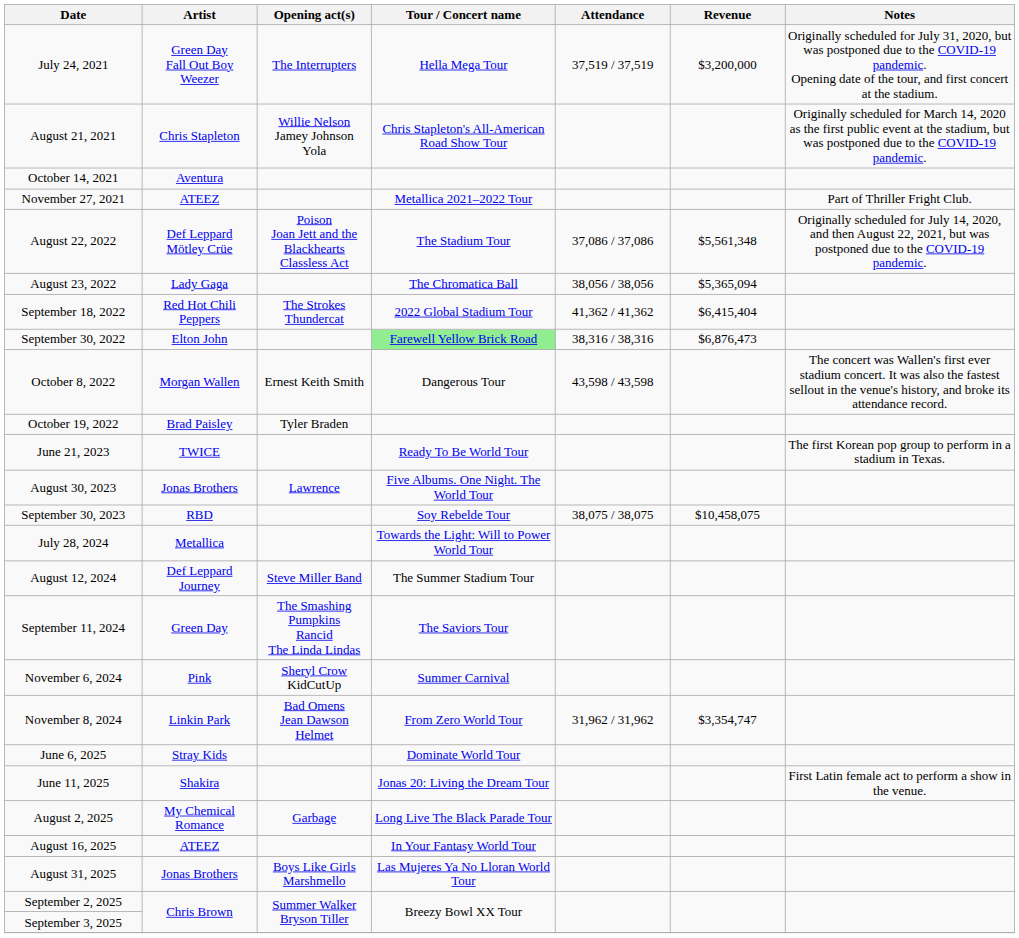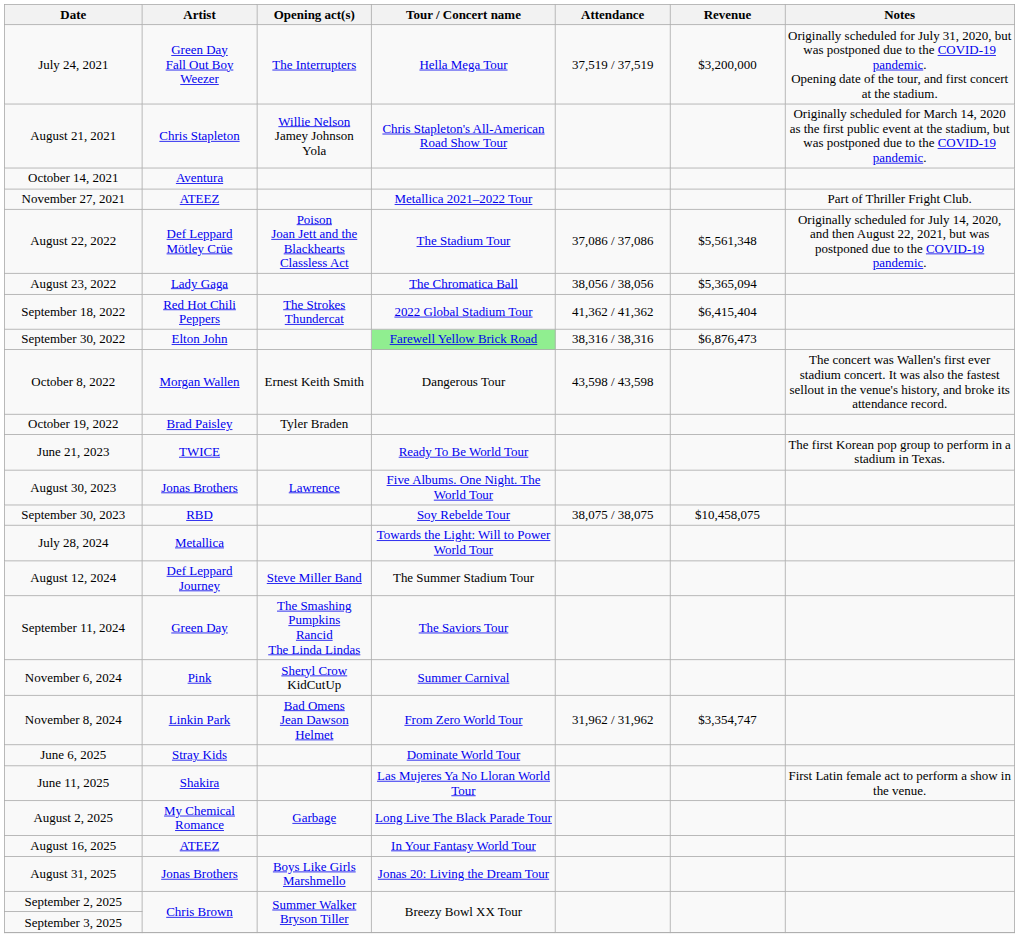 <table class="wikitable" style="text-align:center;">
 <tr>
 <th width=12% style="text-align:center;">Date</th>
 <th width=10% style="text-align:center;">Artist</th>
 <th width=10% style="text-align:center;">Opening act(s)</th>
 <th width=16% style="text-align:center;">Tour / Concert name</th>
 <th width=10% style="text-align:center;">Attendance</th>
 <th width=10% style="text-align:center;">Revenue</th>
 <th width=20% style="text-align:center;">Notes</th>
 </tr>
 <tr>
 <td>July 24, 2021</td>
 <td><a href='#'>Green Day</a><br><a href='#'>Fall Out Boy</a><br><a href='#'>Weezer</a></td>
 <td><a href='#'>The Interrupters</a></td>
 <td><a href='#'>Hella Mega Tour</a></td>
 <td>37,519 / 37,519</td>
 <td>$3,200,000</td>
 <td>Originally scheduled for July 31, 2020, but was postponed due to the <a href='#'>COVID-19 pandemic</a>.<br>Opening date of the tour, and first concert at the stadium.</td>
 </tr>
 <tr>
 <td>August 21, 2021</td>
 <td><a href='#'>Chris Stapleton</a></td>
 <td><a href='#'>Willie Nelson</a> <br> Jamey Johnson <br> Yola</td>
 <td><a href='#'>Chris Stapleton's All-American Road Show Tour</a></td>
 <td></td>
 <td></td>
 <td>Originally scheduled for March 14, 2020 as the first public event at the stadium, but was postponed due to the <a href='#'>COVID-19 pandemic</a>.</td>
 </tr>
 <tr>
 <td>October 14, 2021</td>
 <td><a href='#'>Aventura</a></td>
 <td></td>
 <td></td>
 <td></td>
 <td></td>
 <td></td>
 </tr>
 <tr>
 <td>November 27, 2021</td>
 <td><a href='#'>ATEEZ</a></td>
 <td></td>
 <td><a href='#'>Metallica 2021–2022 Tour</a></td>
 <td></td>
 <td></td>
 <td>Part of Thriller Fright Club.</td>
 </tr>
 <tr>
 <td>August 22, 2022</td>
 <td><a href='#'>Def Leppard</a><br><a href='#'>Mötley Crüe</a></td>
 <td><a href='#'>Poison</a><br><a href='#'>Joan Jett and the Blackhearts</a><br><a href='#'>Classless Act</a></td>
 <td><a href='#'>The Stadium Tour</a></td>
 <td>37,086 / 37,086</td>
 <td>$5,561,348</td>
 <td>Originally scheduled for July 14, 2020, and then August 22, 2021, but was postponed due to the <a href='#'>COVID-19 pandemic</a>.</td>
 </tr>
 <tr>
 <td>August 23, 2022</td>
 <td><a href='#'>Lady Gaga</a></td>
 <td></td>
 <td><a href='#'>The Chromatica Ball</a></td>
 <td>38,056 / 38,056</td>
 <td>$5,365,094</td>
 <td></td>
 </tr>
 <tr>
 <td>September 18, 2022</td>
 <td><a href='#'>Red Hot Chili Peppers</a></td>
 <td><a href='#'>The Strokes</a><br><a href='#'>Thundercat</a></td>
 <td><a href='#'>2022 Global Stadium Tour</a></td>
 <td>41,362 / 41,362</td>
 <td>$6,415,404</td>
 <td></td>
 </tr>
 <tr>
 <td>September 30, 2022</td>
 <td><a href='#'>Elton John</a></td>
 <td></td>
 <td style="background: lightgreen;"><a href='#'>Farewell Yellow Brick Road</a></td>
 <td>38,316 / 38,316</td>
 <td>$6,876,473</td>
 <td></td>
 </tr>
 <tr>
 <td>October 8, 2022</td>
 <td><a href='#'>Morgan Wallen</a></td>
 <td>Ernest Keith Smith</td>
 <td>Dangerous Tour</td>
 <td>43,598 / 43,598</td>
 <td></td>
 <td>The concert was Wallen's first ever stadium concert. It was also the fastest sellout in the venue's history, and broke its attendance record.</td>
 </tr>
 <tr>
 <td>October 19, 2022</td>
 <td><a href='#'>Brad Paisley</a></td>
 <td>Tyler Braden</td>
 <td></td>
 <td></td>
 <td></td>
 <td></td>
 </tr>
 <tr>
 <td>June 21, 2023</td>
 <td><a href='#'>TWICE</a></td>
 <td></td>
 <td><a href='#'>Ready To Be World Tour</a></td>
 <td></td>
 <td></td>
 <td>The first Korean pop group to perform in a stadium in Texas.</td>
 </tr>
 <tr>
 <td>August 30, 2023</td>
 <td><a href='#'>Jonas Brothers</a></td>
 <td><a href='#'>Lawrence</a></td>
 <td><a href='#'>Five Albums. One Night. The World Tour</a></td>
 <td></td>
 <td></td>
 <td></td>
 </tr>
 <tr>
 <td>September 30, 2023</td>
 <td><a href='#'>RBD</a></td>
 <td></td>
 <td><a href='#'>Soy Rebelde Tour</a></td>
 <td>38,075 / 38,075</td>
 <td>$10,458,075</td>
 <td></td>
 </tr>
 <tr>
 <td>July 28, 2024</td>
 <td><a href='#'>Metallica</a></td>
 <td></td>
 <td><a href='#'>Towards the Light: Will to Power World Tour</a></td>
 <td></td>
 <td></td>
 <td></td>
 </tr>
 <tr>
 <td>August 12, 2024</td>
 <td><a href='#'>Def Leppard</a><br><a href='#'>Journey</a></td>
 <td><a href='#'>Steve Miller Band</a></td>
 <td>The Summer Stadium Tour</td>
 <td></td>
 <td></td>
 <td></td>
 </tr>
 <tr>
 <td>September 11, 2024</td>
 <td><a href='#'>Green Day</a></td>
 <td><a href='#'>The Smashing Pumpkins</a><br><a href='#'>Rancid</a><br><a href='#'>The Linda Lindas</a></td>
 <td><a href='#'>The Saviors Tour</a></td>
 <td></td>
 <td></td>
 <td></td>
 </tr>
 <tr>
 <td>November 6, 2024</td>
 <td><a href='#'>Pink</a></td>
 <td><a href='#'>Sheryl Crow</a><br>KidCutUp</td>
 <td><a href='#'>Summer Carnival</a></td>
 <td></td>
 <td></td>
 <td></td>
 </tr>
 <tr>
 <td>November 8, 2024</td>
 <td><a href='#'>Linkin Park</a></td>
 <td><a href='#'>Bad Omens</a><br><a href='#'>Jean Dawson</a><br><a href='#'>Helmet</a></td>
 <td><a href='#'>From Zero World Tour</a></td>
 <td>31,962 / 31,962</td>
 <td>$3,354,747</td>
 <td></td>
 </tr>
 <tr>
 <td>June 6, 2025</td>
 <td><a href='#'>Stray Kids</a></td>
 <td></td>
 <td><a href='#'>Dominate World Tour</a></td>
 <td></td>
 <td></td>
 <td></td>
 </tr>
 <tr>
 <td>June 11, 2025</td>
 <td><a href='#'>Shakira</a></td>
 <td></td>
-<td><a href='#'>Jonas 20: Living the Dream Tour</a></td>
+<td><a href='#'>Las Mujeres Ya No Lloran World Tour</a></td>
 <td></td>
 <td></td>
 <td>First Latin female act to perform a show in the venue.</td>
 </tr>
 <tr>
 <td>August 2, 2025</td>
 <td><a href='#'>My Chemical Romance</a></td>
 <td><a href='#'>Garbage</a></td>
 <td><a href='#'>Long Live The Black Parade Tour</a></td>
 <td></td>
 <td></td>
 <td></td>
 </tr>
 <tr>
 <td>August 16, 2025</td>
 <td><a href='#'>ATEEZ</a></td>
 <td></td>
 <td><a href='#'>In Your Fantasy World Tour</a></td>
 <td></td>
 <td></td>
 <td></td>
 </tr>
 <tr>
 <td>August 31, 2025</td>
 <td><a href='#'>Jonas Brothers</a></td>
 <td><a href='#'>Boys Like Girls</a><br><a href='#'>Marshmello</a></td>
-<td><a href='#'>Las Mujeres Ya No Lloran World Tour</a></td>
+<td><a href='#'>Jonas 20: Living the Dream Tour</a></td>
 <td></td>
 <td></td>
 <td></td>
 </tr>
 <tr>
 <td>September 2, 2025</td>
 <td rowspan="2"><a href='#'>Chris Brown</a></td>
 <td rowspan="2"><a href='#'>Summer Walker</a><br><a href='#'>Bryson Tiller</a></td>
 <td rowspan="2">Breezy Bowl XX Tour</td>
 <td rowspan="2"></td>
 <td rowspan="2"></td>
 <td rowspan="2"></td>
 </tr>
 <tr>
 <td>September 3, 2025</td>
 </tr>
 <tr>
 </tr>
 </table>
